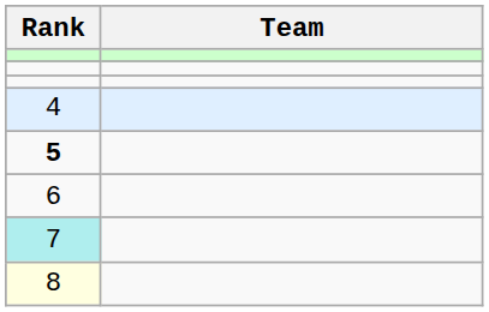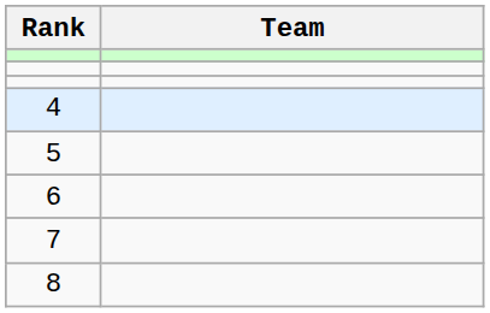 <table class="wikitable" style="text-align:center">
 <tr>
 <th width=40>Rank</th>
 <th width=180>Team</th>
 </tr>
 <tr bgcolor=#ccffcc>
 <td></td>
 <td style="text-align:left"></td>
 </tr>
 <tr>
 <td></td>
 <td style="text-align:left"></td>
 </tr>
 <tr>
 <td></td>
 <td style="text-align:left"></td>
 </tr>
 <tr bgcolor=#dfefff>
 <td>4</td>
 <td style="text-align:left"></td>
 </tr>
 <tr>
-<td><strong>5</strong></td>
+<td>5</td>
 <td style="text-align:left"></td>
 </tr>
 <tr>
 <td>6</td>
 <td style="text-align:left"></td>
 </tr>
 <tr>
-<td style="background: paleturquoise;">7</td>
+<td>7</td>
 <td style="text-align:left"></td>
 </tr>
 <tr>
-<td style="background: lightyellow;">8</td>
+<td>8</td>
 <td style="text-align:left"></td>
 </tr>
 </table>
